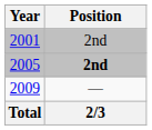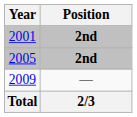 <table class="wikitable" style="text-align: center;">
 <tr>
 <th>Year</th>
 <th width="100">Position</th>
 </tr>
 <tr bgcolor=silver>
 <td> <a href='#'>2001</a></td>
-<td>2nd</td>
+<td><strong>2nd</strong></td>
 </tr>
 <tr bgcolor=silver>
 <td> <a href='#'>2005</a></td>
 <td><strong>2nd</strong></td>
 </tr>
 <tr>
 <td> <a href='#'>2009</a></td>
 <td>—</td>
 </tr>
 <tr>
 <th>Total</th>
 <th>2/3</th>
 </tr>
 </table>
